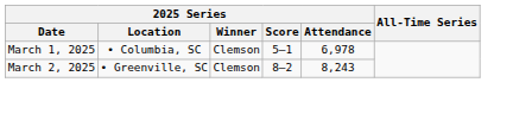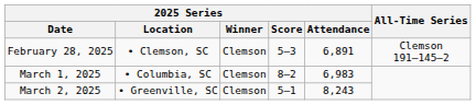 <table class="wikitable" style="text-align:left; font-size: 95%;">
 <tr>
 <th colspan=5>2025 Series</th>
 <th rowspan=2>All-Time Series</th>
 </tr>
 <tr>
 <th>Date</th>
 <th>Location</th>
 <th>Winner</th>
 <th>Score</th>
 <th>Attendance</th>
 </tr>
 <tr style="text-align:center">
+<td>February 28, 2025</td>
+<td> • Clemson, SC</td>
+<td>Clemson</td>
+<td>5–3</td>
+<td>6,891</td>
+<td>Clemson<br>191–145–2</td>
+</tr>
+<tr style="text-align:center">
 <td>March 1, 2025</td>
 <td> • Columbia, SC</td>
 <td>Clemson</td>
-<td>5–1</td>
-<td>6,978</td>
+<td>8–2</td>
+<td>6,983</td>
 </tr>
 <tr style="text-align:center">
 <td>March 2, 2025</td>
 <td> • Greenville, SC</td>
 <td>Clemson</td>
-<td>8–2</td>
+<td>5–1</td>
 <td>8,243</td>
 </tr>
 </table>
